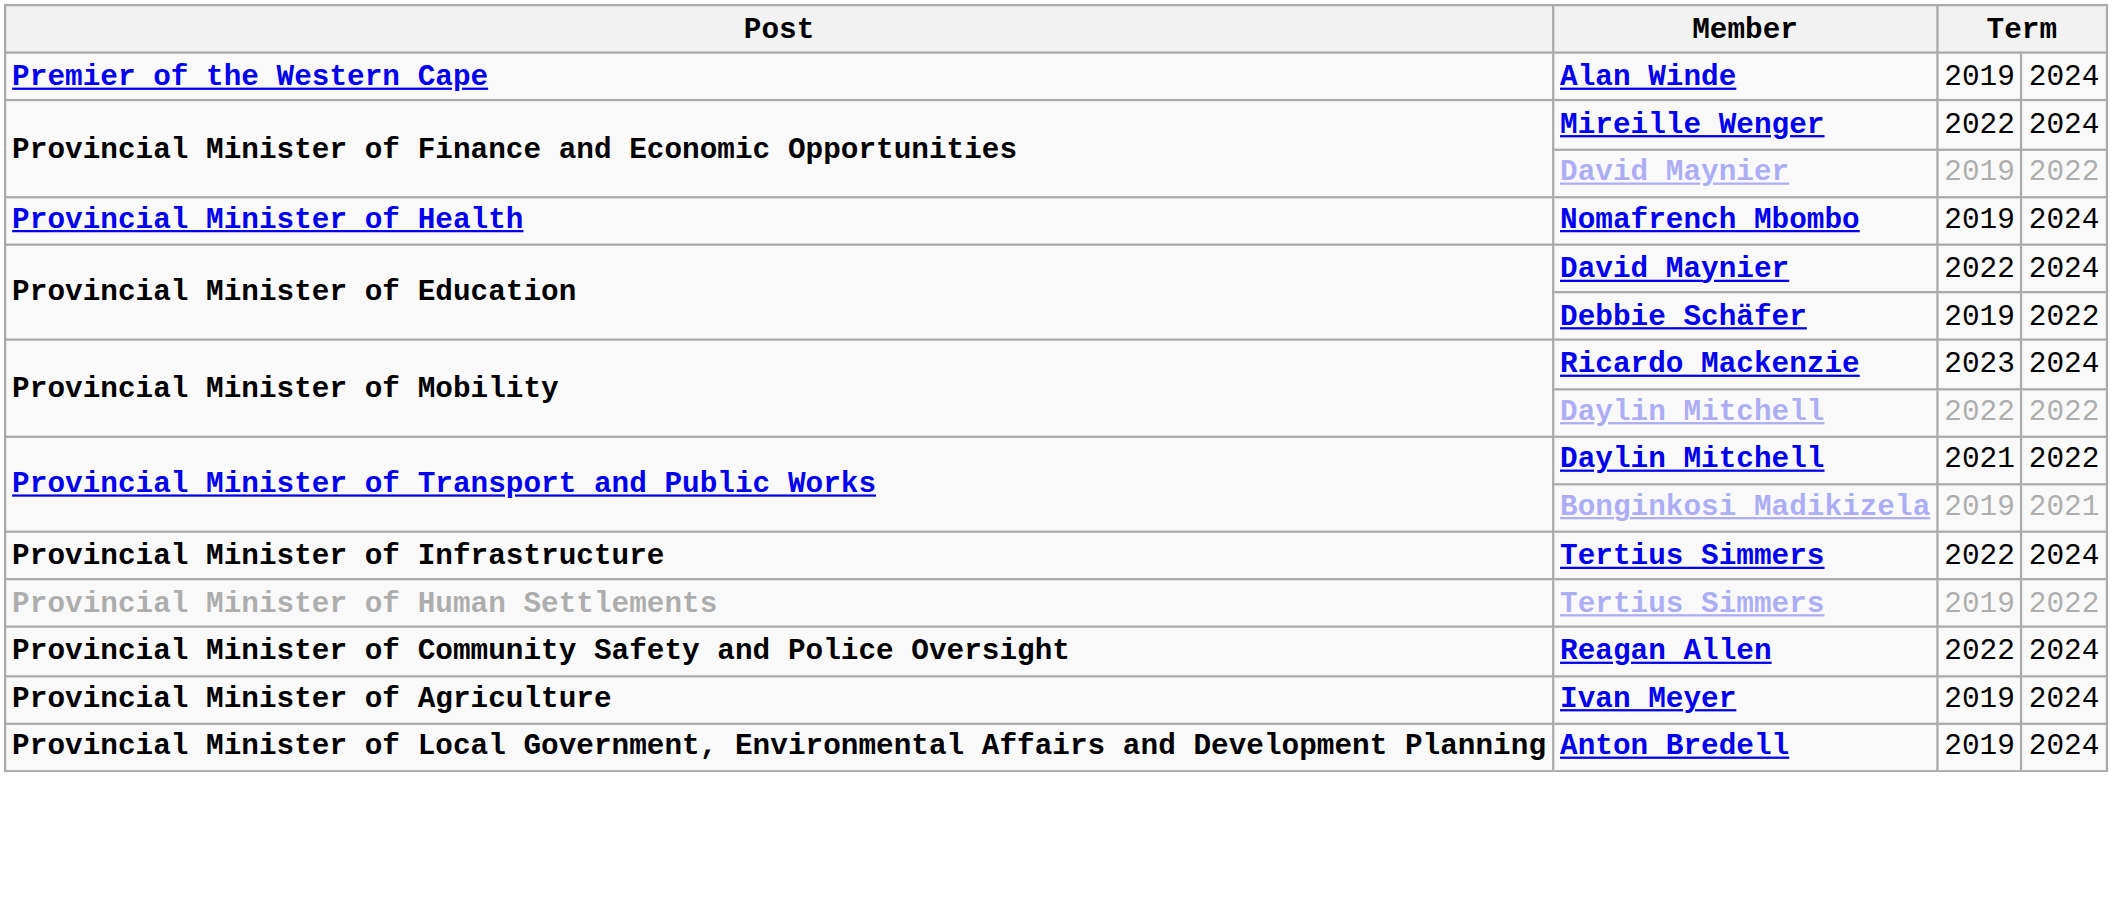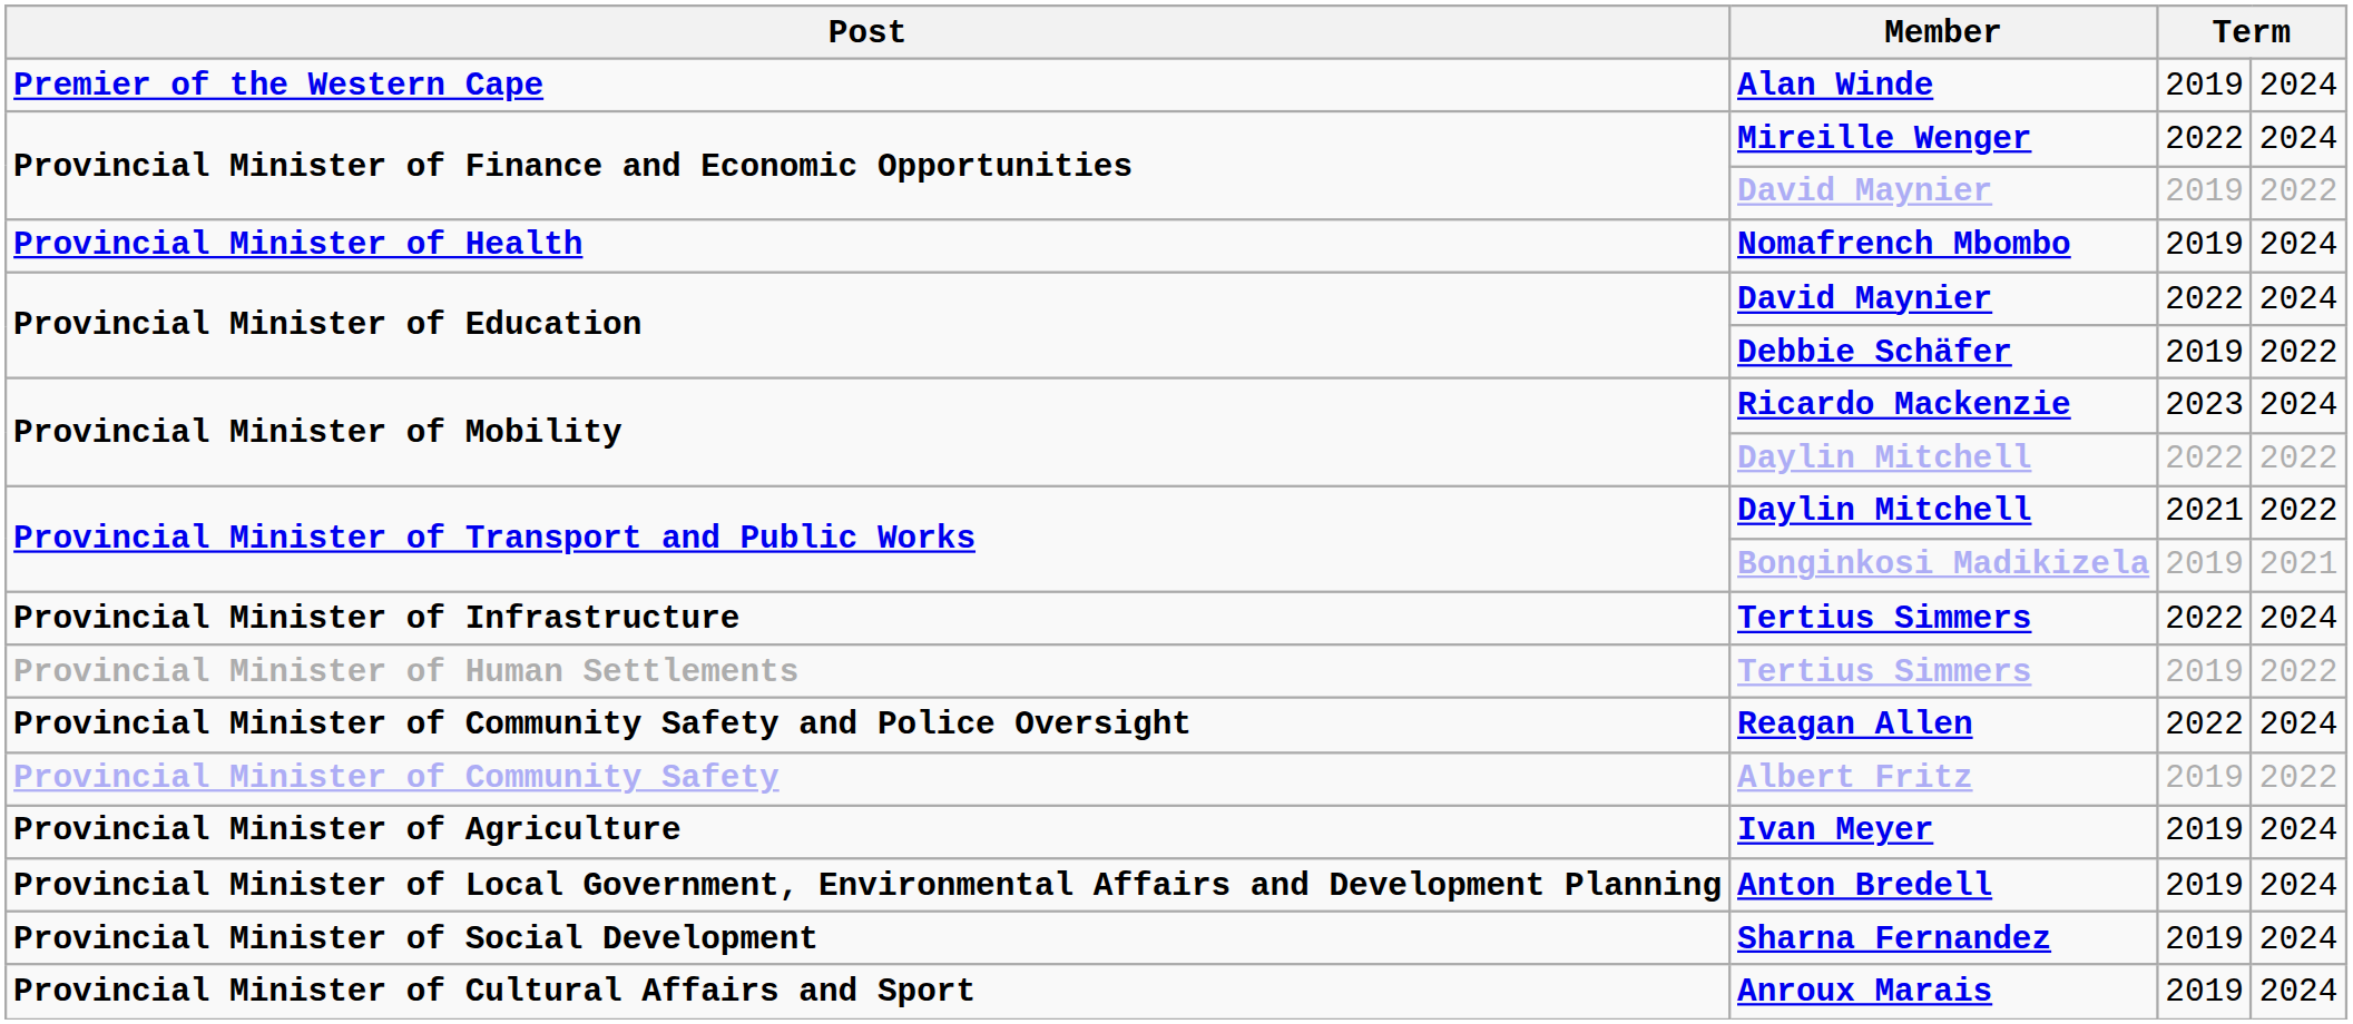 <table class="wikitable">
 <tr>
 <th>Post</th>
 <th>Member</th>
 <th colspan="2">Term</th>
 </tr>
 <tr>
 <td><strong><a href='#'>Premier of the Western Cape</a></strong></td>
 <td><strong><a href='#'>Alan Winde</a></strong></td>
 <td>2019</td>
 <td>2024</td>
 </tr>
 <tr>
 <td rowspan="2"><strong>Provincial Minister of Finance and Economic Opportunities</strong></td>
 <td><strong><a href='#'>Mireille Wenger</a></strong></td>
 <td>2022</td>
 <td>2024</td>
 </tr>
 <tr style="opacity:.3;">
 <td><strong><a href='#'>David Maynier</a></strong></td>
 <td>2019</td>
 <td>2022</td>
 </tr>
 <tr>
 <td><a href='#'><strong>Provincial Minister of Health</strong></a></td>
 <td><strong><a href='#'>Nomafrench Mbombo</a></strong></td>
 <td>2019</td>
 <td>2024</td>
 </tr>
 <tr>
 <td rowspan="2"><strong>Provincial Minister of Education</strong></td>
 <td><strong><a href='#'>David Maynier</a></strong></td>
 <td>2022</td>
 <td>2024</td>
 </tr>
 <tr>
 <td><strong><a href='#'>Debbie Schäfer</a></strong></td>
 <td>2019</td>
 <td>2022</td>
 </tr>
 <tr>
 <td rowspan="2"><strong>Provincial Minister of Mobility</strong></td>
 <td><strong><a href='#'>Ricardo Mackenzie</a></strong></td>
 <td>2023</td>
 <td>2024</td>
 </tr>
 <tr style="opacity:.3;">
 <td><strong><a href='#'>Daylin Mitchell</a></strong></td>
 <td>2022</td>
 <td>2022</td>
 </tr>
 <tr>
 <td rowspan="2"><a href='#'><strong>Provincial Minister of Transport and Public Works</strong></a></td>
 <td><strong><a href='#'>Daylin Mitchell</a></strong></td>
 <td>2021</td>
 <td>2022</td>
 </tr>
 <tr style="opacity:.3;">
 <td><strong><a href='#'>Bonginkosi Madikizela</a></strong></td>
 <td>2019</td>
 <td>2021</td>
 </tr>
 <tr>
 <td><strong>Provincial Minister of Infrastructure</strong></td>
 <td><a href='#'><strong>Tertius Simmers</strong></a></td>
 <td>2022</td>
 <td>2024</td>
 </tr>
 <tr style="opacity:.3;">
 <td><strong>Provincial Minister of Human Settlements</strong></td>
 <td><a href='#'><strong>Tertius Simmers</strong></a></td>
 <td>2019</td>
 <td>2022</td>
 </tr>
 <tr>
 <td><strong>Provincial Minister of Community Safety and Police Oversight</strong></td>
 <td><a href='#'><strong>Reagan Allen</strong></a></td>
 <td>2022</td>
 <td>2024</td>
 </tr>
+<tr style="opacity:.3;">
+<td><a href='#'><strong>Provincial Minister of Community Safety</strong></a></td>
+<td><strong><a href='#'>Albert Fritz</a></strong></td>
+<td>2019</td>
+<td>2022</td>
+</tr>
 <tr>
 <td><strong>Provincial Minister of Agriculture</strong></td>
 <td><strong><a href='#'>Ivan Meyer</a></strong></td>
 <td>2019</td>
 <td>2024</td>
 </tr>
 <tr>
 <td><strong>Provincial Minister of Local Government, Environmental Affairs and Development Planning</strong></td>
 <td><strong><a href='#'>Anton Bredell</a></strong></td>
 <td>2019</td>
 <td>2024</td>
 </tr>
+<tr>
+<td><strong>Provincial Minister of Social Development</strong></td>
+<td><strong><a href='#'>Sharna Fernandez</a></strong></td>
+<td>2019</td>
+<td>2024</td>
+</tr>
+<tr>
+<td><strong>Provincial Minister of Cultural Affairs and Sport</strong></td>
+<td><strong><a href='#'>Anroux Marais</a></strong></td>
+<td>2019</td>
+<td>2024</td>
+</tr>
 </table>
